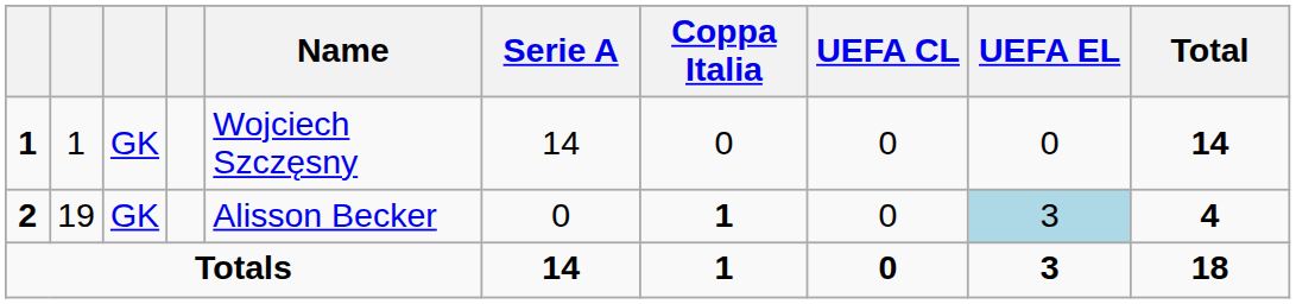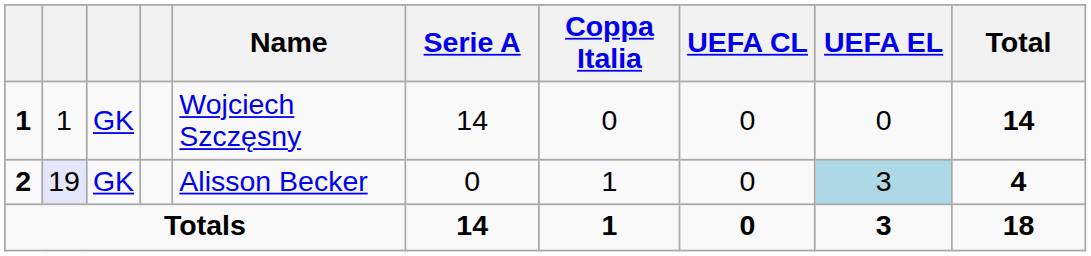 <table class="wikitable" style="text-align:center">
 <tr>
 <th width=15></th>
 <th width=15></th>
 <th width=15></th>
 <th width=15></th>
 <th width=145>Name</th>
 <th width=80><a href='#'>Serie A</a></th>
 <th width=80><a href='#'>Coppa Italia</a></th>
 <th width=80><a href='#'>UEFA CL</a></th>
 <th width=80><a href='#'>UEFA EL</a></th>
 <th width=80>Total</th>
 </tr>
 <tr>
 <td><strong>1</strong></td>
 <td>1</td>
 <td><a href='#'>GK</a></td>
 <td></td>
 <td align=left><a href='#'>Wojciech Szczęsny</a></td>
 <td>14</td>
 <td>0</td>
 <td>0</td>
 <td>0</td>
 <td><strong>14</strong></td>
 </tr>
 <tr>
 <td><strong>2</strong></td>
-<td>19</td>
+<td style="background: lavender;">19</td>
 <td><a href='#'>GK</a></td>
 <td></td>
 <td align=left><a href='#'>Alisson Becker</a></td>
 <td>0</td>
-<td><strong>1</strong></td>
+<td>1</td>
 <td>0</td>
 <td style="background: lightblue;">3</td>
 <td><strong>4</strong></td>
 </tr>
 <tr>
 <td colspan=5><strong>Totals</strong></td>
 <td><strong>14</strong></td>
 <td><strong>1</strong></td>
 <td><strong>0</strong></td>
 <td><strong>3</strong></td>
 <td><strong>18</strong></td>
 </tr>
 </table>
